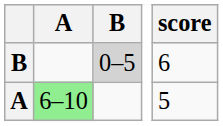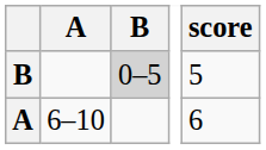 <table class="wikitable" style="border:none">
 <tr>
 <th></th>
 <th>A</th>
 <th>B</th>
 <td rowspan="3" style="border: none; background: white;"></td>
 <th>score</th>
 </tr>
 <tr>
 <th>B</th>
 <td></td>
 <td style="background: lightgrey;">0–5</td>
-<td>6</td>
+<td>5</td>
 </tr>
 <tr>
 <th>A</th>
-<td style="background: lightgreen;">6–10</td>
+<td>6–10</td>
 <td></td>
-<td>5</td>
+<td>6</td>
 </tr>
 </table>
